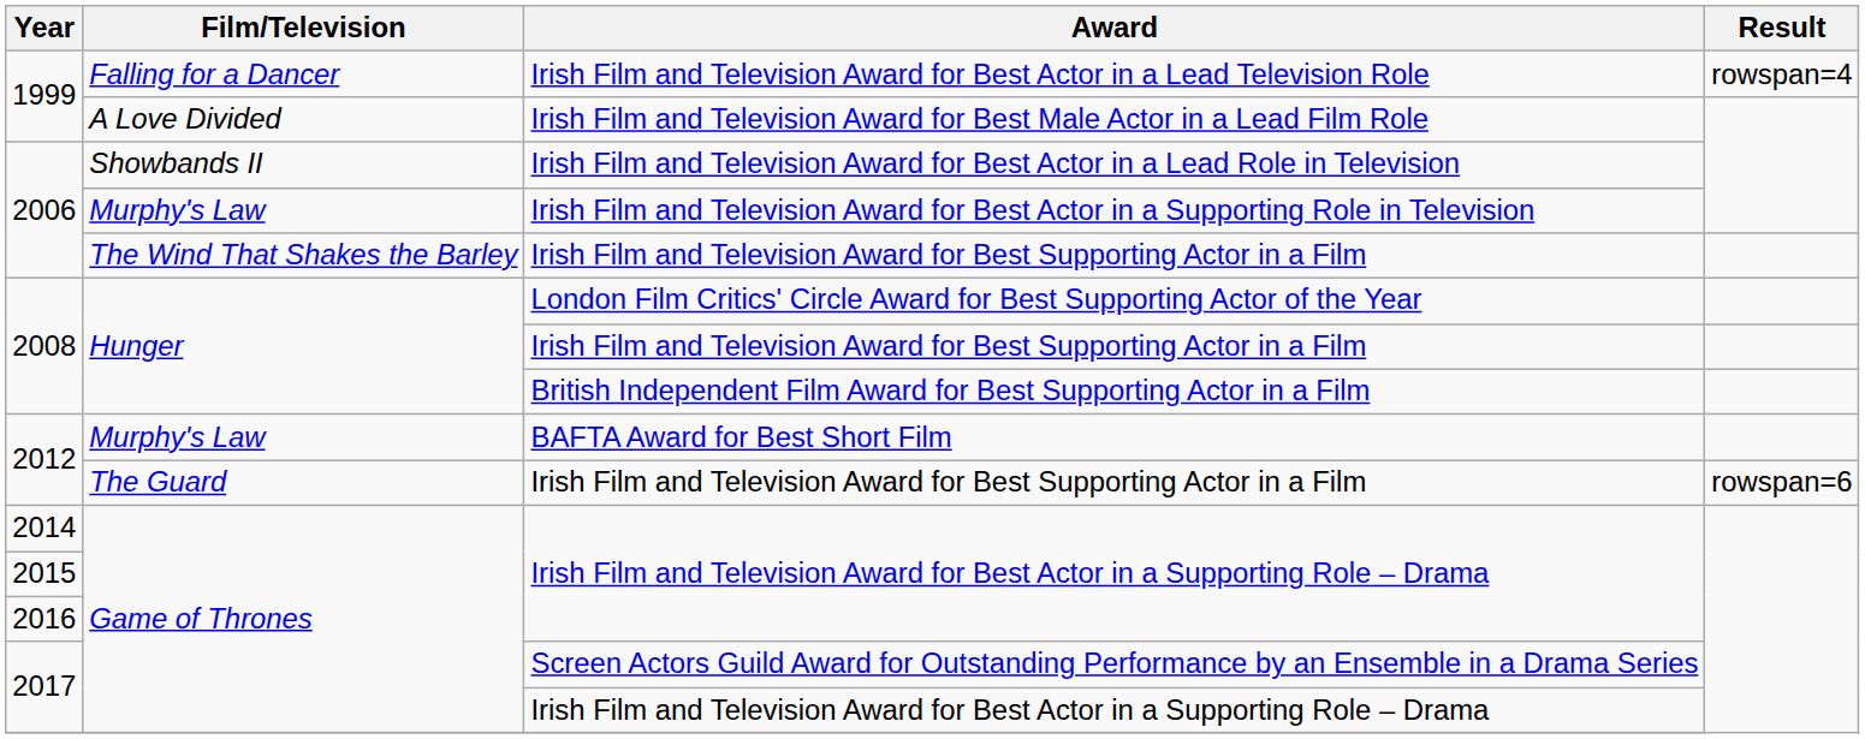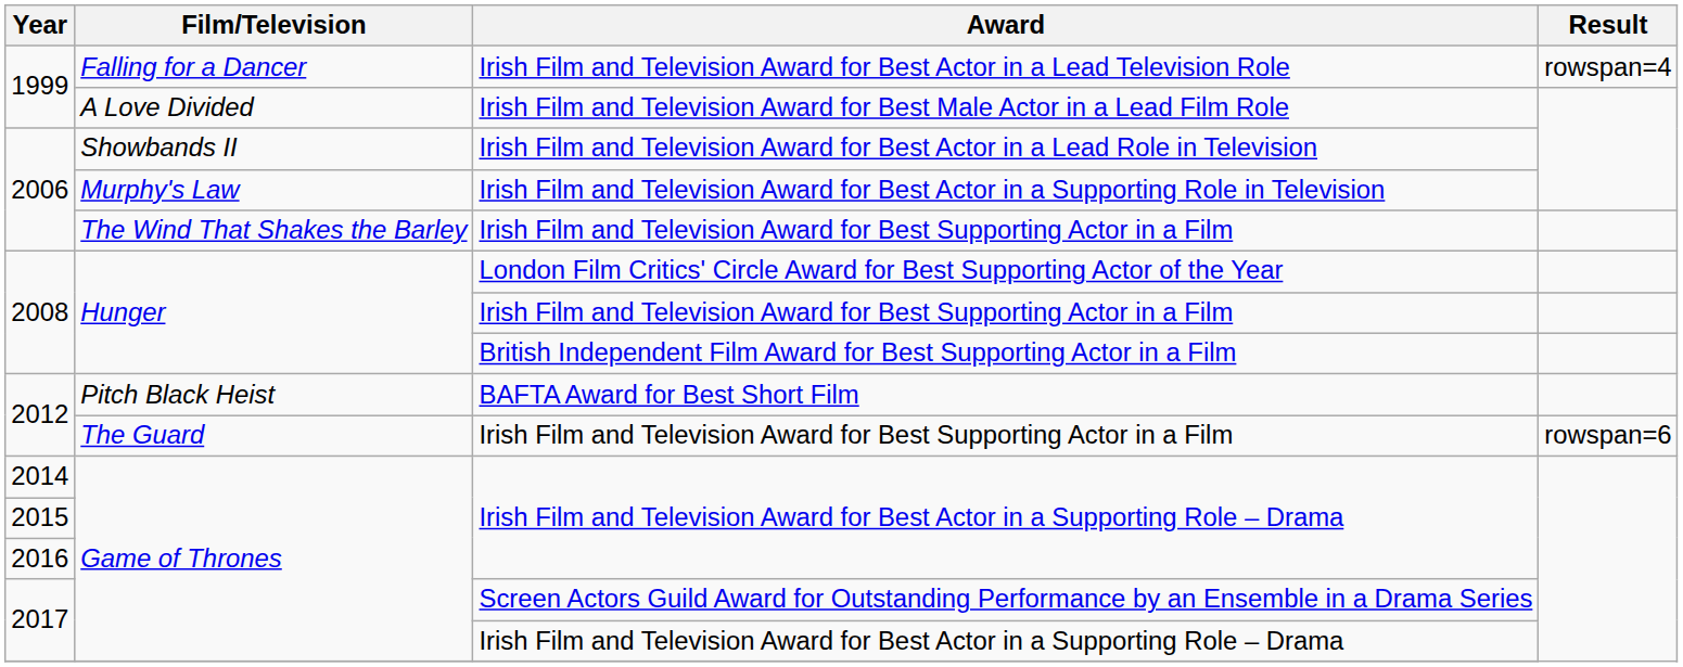 <table class="wikitable sortable">
 <tr>
 <th>Year</th>
 <th>Film/Television</th>
 <th>Award</th>
 <th>Result</th>
 </tr>
 <tr>
 <td rowspan=2>1999</td>
 <td><em><a href='#'>Falling for a Dancer</a></em></td>
 <td><a href='#'>Irish Film and Television Award for Best Actor in a Lead Television Role</a></td>
 <td>rowspan=4 </td>
 </tr>
 <tr>
 <td><em>A Love Divided</em></td>
 <td><a href='#'>Irish Film and Television Award for Best Male Actor in a Lead Film Role</a></td>
 </tr>
 <tr>
 <td rowspan=3>2006</td>
 <td><em>Showbands II</em></td>
 <td><a href='#'>Irish Film and Television Award for Best Actor in a Lead Role in Television</a></td>
 </tr>
 <tr>
 <td><em><a href='#'>Murphy's Law</a></em></td>
 <td><a href='#'>Irish Film and Television Award for Best Actor in a Supporting Role in Television</a></td>
 </tr>
 <tr>
 <td><em><a href='#'>The Wind That Shakes the Barley</a></em></td>
 <td><a href='#'>Irish Film and Television Award for Best Supporting Actor in a Film</a></td>
 <td></td>
 </tr>
 <tr>
 <td rowspan=3>2008</td>
 <td rowspan=3><em><a href='#'>Hunger</a></em></td>
 <td><a href='#'>London Film Critics' Circle Award for Best Supporting Actor of the Year</a></td>
 <td></td>
 </tr>
 <tr>
 <td><a href='#'>Irish Film and Television Award for Best Supporting Actor in a Film</a></td>
 <td></td>
 </tr>
 <tr>
 <td><a href='#'>British Independent Film Award for Best Supporting Actor in a Film</a></td>
 <td></td>
 </tr>
 <tr>
 <td rowspan=2>2012</td>
-<td><em><a href='#'>Murphy's Law</a></em></td>
+<td><em>Pitch Black Heist</em></td>
 <td><a href='#'>BAFTA Award for Best Short Film</a></td>
 <td></td>
 </tr>
 <tr>
 <td><em><a href='#'>The Guard</a></em></td>
 <td>Irish Film and Television Award for Best Supporting Actor in a Film</td>
 <td>rowspan=6 </td>
 </tr>
 <tr>
 <td>2014</td>
 <td rowspan=5><em><a href='#'>Game of Thrones</a></em></td>
 <td rowspan=3><a href='#'>Irish Film and Television Award for Best Actor in a Supporting Role – Drama</a></td>
 </tr>
 <tr>
 <td>2015</td>
 </tr>
 <tr>
 <td>2016</td>
 </tr>
 <tr>
 <td rowspan=2>2017</td>
 <td><a href='#'>Screen Actors Guild Award for Outstanding Performance by an Ensemble in a Drama Series</a></td>
 </tr>
 <tr>
 <td>Irish Film and Television Award for Best Actor in a Supporting Role – Drama</td>
 </tr>
 <tr>
 </tr>
 </table>
